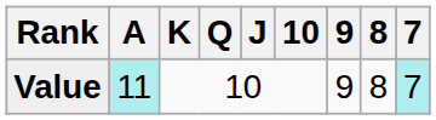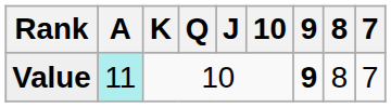 <table class="wikitable" align="right">
 <tr>
 <th>Rank</th>
 <th>A</th>
 <th>K</th>
 <th>Q</th>
 <th>J</th>
 <th>10</th>
 <th>9</th>
 <th>8</th>
 <th>7</th>
 </tr>
 <tr>
 <td style="background:#efefef;"><strong>Value</strong></td>
 <td style="background: paleturquoise;">11</td>
 <td colspan=4 align=center>10</td>
-<td>9</td>
+<td><strong>9</strong></td>
 <td>8</td>
-<td style="background: paleturquoise;">7</td>
+<td>7</td>
 </tr>
 </table>
